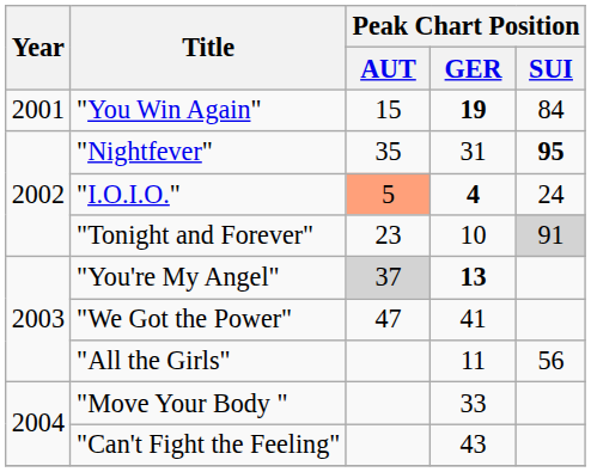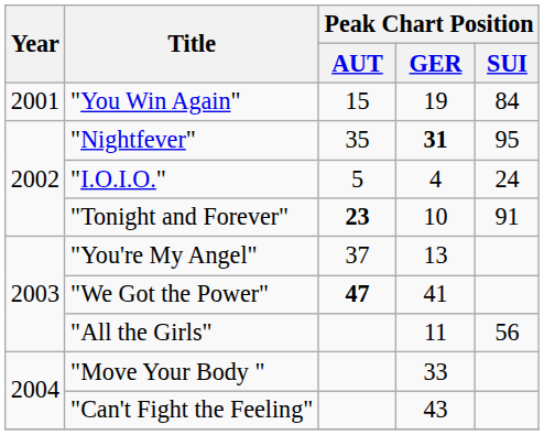 <table class="wikitable">
 <tr style="background-color:#efefef;">
 <th rowspan="2">Year</th>
 <th rowspan="2">Title</th>
 <th colspan="3">Peak Chart Position</th>
 </tr>
 <tr style="background-color:#efefef;">
 <th><a href='#'>AUT</a><br></th>
 <th><a href='#'>GER</a></th>
 <th><a href='#'>SUI</a></th>
 </tr>
 <tr>
 <td>2001</td>
 <td>"<a href='#'>You Win Again</a>"</td>
 <td align="center">15</td>
-<td align="center"><strong>19</strong></td>
+<td align="center">19</td>
 <td align="center">84</td>
 </tr>
 <tr>
 <td rowspan=3>2002</td>
 <td>"<a href='#'>Nightfever</a>"</td>
 <td align="center">35</td>
-<td align="center">31</td>
-<td align="center"><strong>95</strong></td>
+<td align="center"><strong>31</strong></td>
+<td align="center">95</td>
 </tr>
 <tr>
 <td>"<a href='#'>I.O.I.O.</a>"</td>
-<td align="center" style="background: lightsalmon;">5</td>
-<td align="center"><strong>4</strong></td>
+<td align="center">5</td>
+<td align="center">4</td>
 <td align="center">24</td>
 </tr>
 <tr>
 <td>"Tonight and Forever"</td>
-<td align="center">23</td>
+<td align="center"><strong>23</strong></td>
 <td align="center">10</td>
-<td align="center" style="background: lightgrey;">91</td>
+<td align="center">91</td>
 </tr>
 <tr>
 <td rowspan=3>2003</td>
 <td>"You're My Angel"</td>
-<td align="center" style="background: lightgrey;">37</td>
-<td align="center"><strong>13</strong></td>
+<td align="center">37</td>
+<td align="center">13</td>
 <td align="center"></td>
 </tr>
 <tr>
 <td>"We Got the Power"</td>
-<td align="center">47</td>
+<td align="center"><strong>47</strong></td>
 <td align="center">41</td>
 <td align="center"></td>
 </tr>
 <tr>
 <td>"All the Girls"</td>
 <td align="center"></td>
 <td align="center">11</td>
 <td align="center">56</td>
 </tr>
 <tr>
 <td rowspan=2>2004</td>
 <td>"Move Your Body "</td>
 <td align="center"></td>
 <td align="center">33</td>
 <td align="center"></td>
 </tr>
 <tr>
 <td>"Can't Fight the Feeling"</td>
 <td align="center"></td>
 <td align="center">43</td>
 <td align="center"></td>
 </tr>
 <tr>
 </tr>
 </table>
